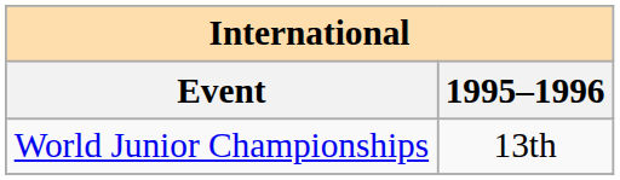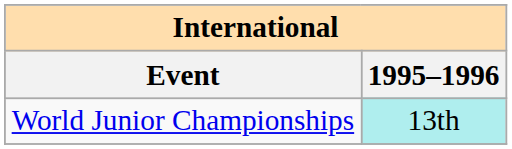 <table class="wikitable" style="text-align:center">
 <tr>
 <th style="background-color: #ffdead; " colspan=2 align=center><strong>International</strong></th>
 </tr>
 <tr>
 <th>Event</th>
 <th>1995–1996</th>
 </tr>
 <tr>
 <td align=left><a href='#'>World Junior Championships</a></td>
-<td>13th</td>
+<td style="background: paleturquoise;">13th</td>
 </tr>
 </table>
